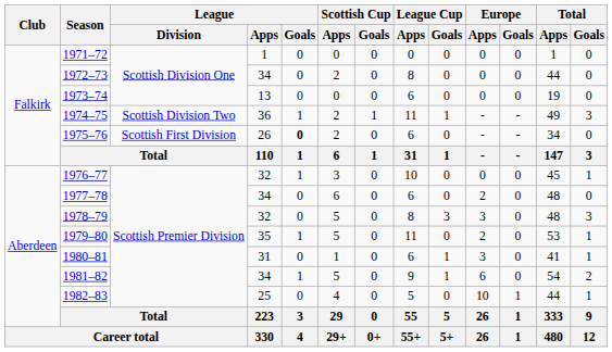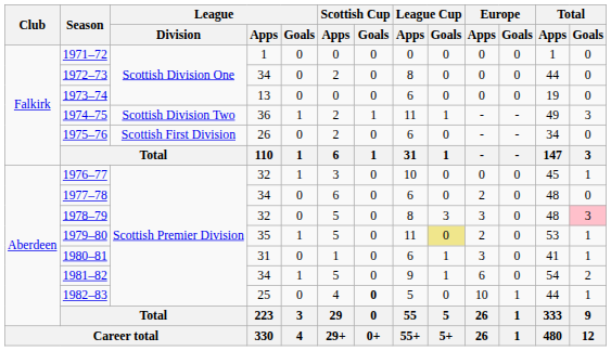 <table class="wikitable" style="text-align:center">
 <tr>
 <th rowspan="2">Club</th>
 <th rowspan="2">Season</th>
 <th colspan="3">League</th>
 <th colspan="2">Scottish Cup</th>
 <th colspan="2">League Cup</th>
 <th colspan="2">Europe</th>
 <th colspan="2">Total</th>
 </tr>
 <tr>
 <th>Division</th>
 <th>Apps</th>
 <th>Goals</th>
 <th>Apps</th>
 <th>Goals</th>
 <th>Apps</th>
 <th>Goals</th>
 <th>Apps</th>
 <th>Goals</th>
 <th>Apps</th>
 <th>Goals</th>
 </tr>
 <tr>
 <td rowspan="6"><a href='#'>Falkirk</a></td>
 <td><a href='#'>1971–72</a></td>
 <td rowspan="3"><a href='#'>Scottish Division One</a></td>
 <td>1</td>
 <td>0</td>
 <td>0</td>
 <td>0</td>
 <td>0</td>
 <td>0</td>
 <td>0</td>
 <td>0</td>
 <td>1</td>
 <td>0</td>
 </tr>
 <tr>
 <td><a href='#'>1972–73</a></td>
 <td>34</td>
 <td>0</td>
 <td>2</td>
 <td>0</td>
 <td>8</td>
 <td>0</td>
 <td>0</td>
 <td>0</td>
 <td>44</td>
 <td>0</td>
 </tr>
 <tr>
 <td><a href='#'>1973–74</a></td>
 <td>13</td>
 <td>0</td>
 <td>0</td>
 <td>0</td>
 <td>6</td>
 <td>0</td>
 <td>0</td>
 <td>0</td>
 <td>19</td>
 <td>0</td>
 </tr>
 <tr>
 <td><a href='#'>1974–75</a></td>
 <td><a href='#'>Scottish Division Two</a></td>
 <td>36</td>
 <td>1</td>
 <td>2</td>
 <td>1</td>
 <td>11</td>
 <td>1</td>
 <td>-</td>
 <td>-</td>
 <td>49</td>
 <td>3</td>
 </tr>
 <tr>
 <td><a href='#'>1975–76</a></td>
 <td><a href='#'>Scottish First Division</a></td>
 <td>26</td>
-<td><strong>0</strong></td>
+<td>0</td>
 <td>2</td>
 <td>0</td>
 <td>6</td>
 <td>0</td>
 <td>-</td>
 <td>-</td>
 <td>34</td>
 <td>0</td>
 </tr>
 <tr>
 <th colspan="2">Total</th>
 <th>110</th>
 <th>1</th>
 <th>6</th>
 <th>1</th>
 <th>31</th>
 <th>1</th>
 <th>-</th>
 <th>-</th>
 <th>147</th>
 <th>3</th>
 </tr>
 <tr>
 <td rowspan="8"><a href='#'>Aberdeen</a></td>
 <td><a href='#'>1976–77</a></td>
 <td rowspan="7"><a href='#'>Scottish Premier Division</a></td>
 <td>32</td>
 <td>1</td>
 <td>3</td>
 <td>0</td>
 <td>10</td>
 <td>0</td>
 <td>0</td>
 <td>0</td>
 <td>45</td>
 <td>1</td>
 </tr>
 <tr>
 <td><a href='#'>1977–78</a></td>
 <td>34</td>
 <td>0</td>
 <td>6</td>
 <td>0</td>
 <td>6</td>
 <td>0</td>
 <td>2</td>
 <td>0</td>
 <td>48</td>
 <td>0</td>
 </tr>
 <tr>
 <td><a href='#'>1978–79</a></td>
 <td>32</td>
 <td>0</td>
 <td>5</td>
 <td>0</td>
 <td>8</td>
 <td>3</td>
 <td>3</td>
 <td>0</td>
 <td>48</td>
-<td>3</td>
+<td style="background: pink;">3</td>
 </tr>
 <tr>
 <td><a href='#'>1979–80</a></td>
 <td>35</td>
 <td>1</td>
 <td>5</td>
 <td>0</td>
 <td>11</td>
-<td>0</td>
+<td style="background: khaki;">0</td>
 <td>2</td>
 <td>0</td>
 <td>53</td>
 <td>1</td>
 </tr>
 <tr>
 <td><a href='#'>1980–81</a></td>
 <td>31</td>
 <td>0</td>
 <td>1</td>
 <td>0</td>
 <td>6</td>
 <td>1</td>
 <td>3</td>
 <td>0</td>
 <td>41</td>
 <td>1</td>
 </tr>
 <tr>
 <td><a href='#'>1981–82</a></td>
 <td>34</td>
 <td>1</td>
 <td>5</td>
 <td>0</td>
 <td>9</td>
 <td>1</td>
 <td>6</td>
 <td>0</td>
 <td>54</td>
 <td>2</td>
 </tr>
 <tr>
 <td><a href='#'>1982–83</a></td>
 <td>25</td>
 <td>0</td>
 <td>4</td>
-<td>0</td>
+<td><strong>0</strong></td>
 <td>5</td>
 <td>0</td>
 <td>10</td>
 <td>1</td>
 <td>44</td>
 <td>1</td>
 </tr>
 <tr>
 <th colspan="2">Total</th>
 <th>223</th>
 <th>3</th>
 <th>29</th>
 <th>0</th>
 <th>55</th>
 <th>5</th>
 <th>26</th>
 <th>1</th>
 <th>333</th>
 <th>9</th>
 </tr>
 <tr>
 <th colspan="3">Career total</th>
 <th>330</th>
 <th>4</th>
 <th>29+</th>
 <th>0+</th>
 <th>55+</th>
 <th>5+</th>
 <th>26</th>
 <th>1</th>
 <th>480</th>
 <th>12</th>
 </tr>
 </table>
